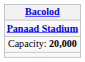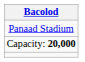 <table class="wikitable" style="text-align:center">
 <tr>
 <th colspan=2> <a href='#'>Bacolod</a></th>
 </tr>
 <tr>
-<td><strong><a href='#'>Panaad Stadium</a></strong></td>
+<td><a href='#'>Panaad Stadium</a></td>
 </tr>
 <tr>
 <td>Capacity: <strong>20,000</strong></td>
 </tr>
 <tr>
 <td></td>
 </tr>
 </table>
